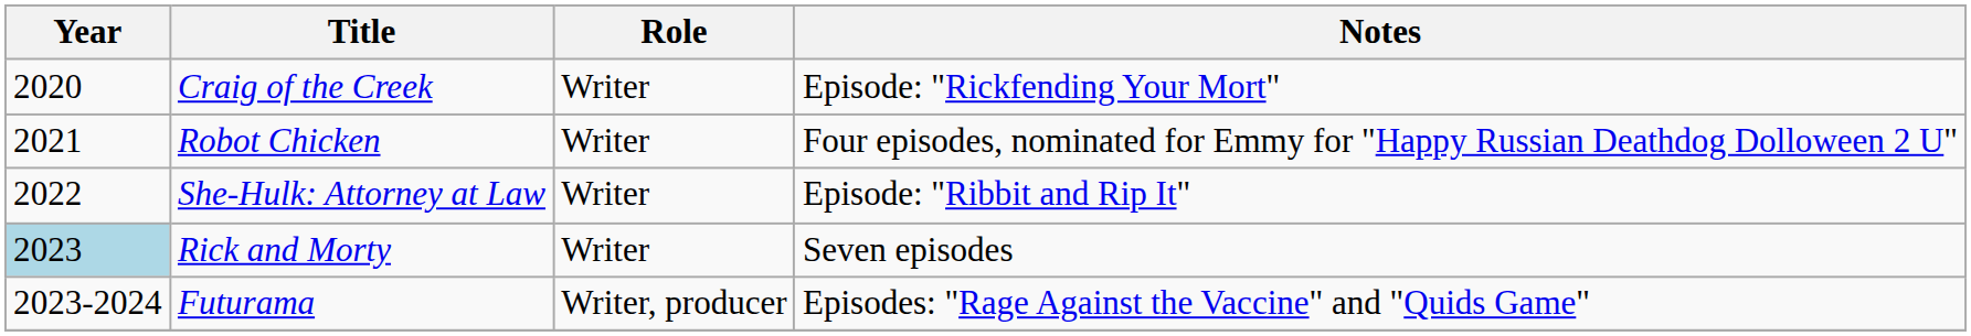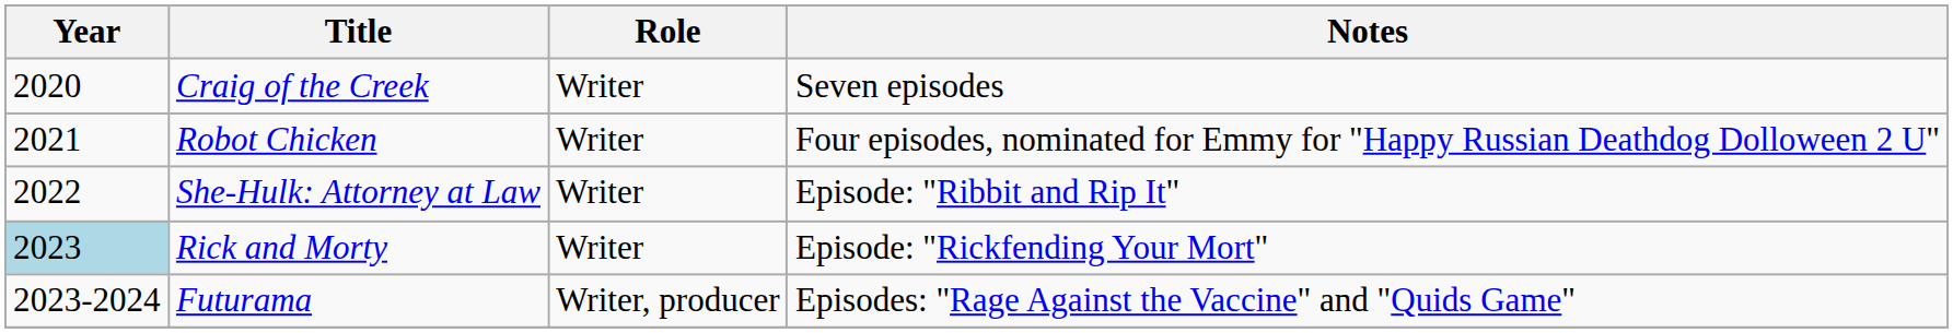 <table class="wikitable sortable plainrowheaders" style="white-space:nowrap">
 <tr>
 <th>Year</th>
 <th>Title</th>
 <th>Role</th>
 <th>Notes</th>
 </tr>
 <tr>
 <td>2020</td>
 <td><em><a href='#'>Craig of the Creek</a></em></td>
 <td>Writer</td>
-<td>Episode: "<a href='#'>Rickfending Your Mort</a>"</td>
+<td>Seven episodes</td>
 </tr>
 <tr>
 <td>2021</td>
 <td><em><a href='#'>Robot Chicken</a></em></td>
 <td>Writer</td>
 <td>Four episodes, nominated for Emmy for "<a href='#'>Happy Russian Deathdog Dolloween 2 U</a>"</td>
 </tr>
 <tr>
 <td>2022</td>
 <td><em><a href='#'>She-Hulk: Attorney at Law</a></em></td>
 <td>Writer</td>
 <td>Episode: "<a href='#'>Ribbit and Rip It</a>"</td>
 </tr>
 <tr>
 <td style="background: lightblue;">2023</td>
 <td><em><a href='#'>Rick and Morty</a></em></td>
 <td>Writer</td>
-<td>Seven episodes</td>
+<td>Episode: "<a href='#'>Rickfending Your Mort</a>"</td>
 </tr>
 <tr>
 <td>2023-2024</td>
 <td><em><a href='#'>Futurama</a></em></td>
 <td>Writer, producer</td>
 <td>Episodes: "<a href='#'>Rage Against the Vaccine</a>" and "<a href='#'>Quids Game</a>"</td>
 </tr>
 <tr>
 </tr>
 </table>
